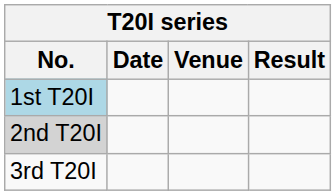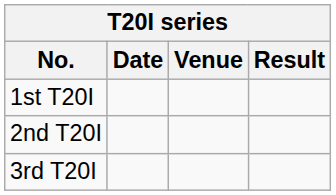 <table class="wikitable">
 <tr>
 <th colspan="5">T20I series</th>
 </tr>
 <tr>
 <th>No.</th>
 <th>Date</th>
 <th>Venue</th>
 <th>Result</th>
 </tr>
 <tr>
-<td style="background: lightblue;">1st T20I</td>
+<td>1st T20I</td>
 <td></td>
 <td></td>
 <td></td>
 </tr>
 <tr>
-<td style="background: lightgrey;">2nd T20I</td>
+<td>2nd T20I</td>
 <td></td>
 <td></td>
 <td></td>
 </tr>
 <tr>
 <td>3rd T20I</td>
 <td></td>
 <td></td>
 <td></td>
 </tr>
 </table>
